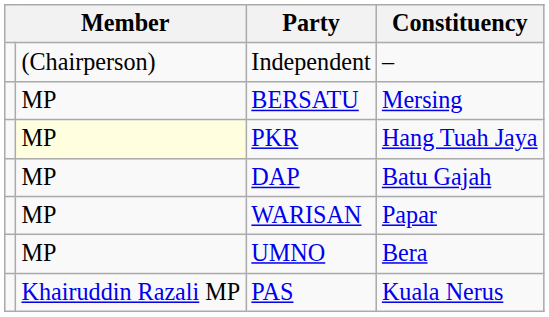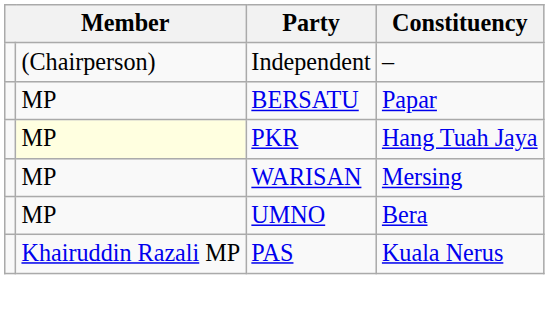 <table class="sortable wikitable">
 <tr>
 <th colspan="2" valign="top">Member</th>
 <th valign="top">Party</th>
 <th valign="top">Constituency</th>
 </tr>
 <tr>
 <td></td>
 <td> (Chairperson)</td>
 <td>Independent</td>
 <td>–</td>
 </tr>
 <tr>
 <td></td>
 <td> MP</td>
 <td><a href='#'>BERSATU</a></td>
-<td><a href='#'>Mersing</a></td>
+<td><a href='#'>Papar</a></td>
 </tr>
 <tr>
 <td></td>
 <td style="background: lightyellow;"> MP</td>
 <td><a href='#'>PKR</a></td>
 <td><a href='#'>Hang Tuah Jaya</a></td>
 </tr>
 <tr>
 <td></td>
 <td> MP</td>
-<td><a href='#'>DAP</a></td>
-<td><a href='#'>Batu Gajah</a></td>
-</tr>
-<tr>
-<td></td>
-<td> MP</td>
 <td><a href='#'>WARISAN</a></td>
-<td><a href='#'>Papar</a></td>
+<td><a href='#'>Mersing</a></td>
 </tr>
 <tr>
 <td></td>
 <td> MP</td>
 <td><a href='#'>UMNO</a></td>
 <td><a href='#'>Bera</a></td>
 </tr>
 <tr>
 <td></td>
 <td><a href='#'>Khairuddin Razali</a> MP</td>
 <td><a href='#'>PAS</a></td>
 <td><a href='#'>Kuala Nerus</a></td>
 </tr>
 </table>
